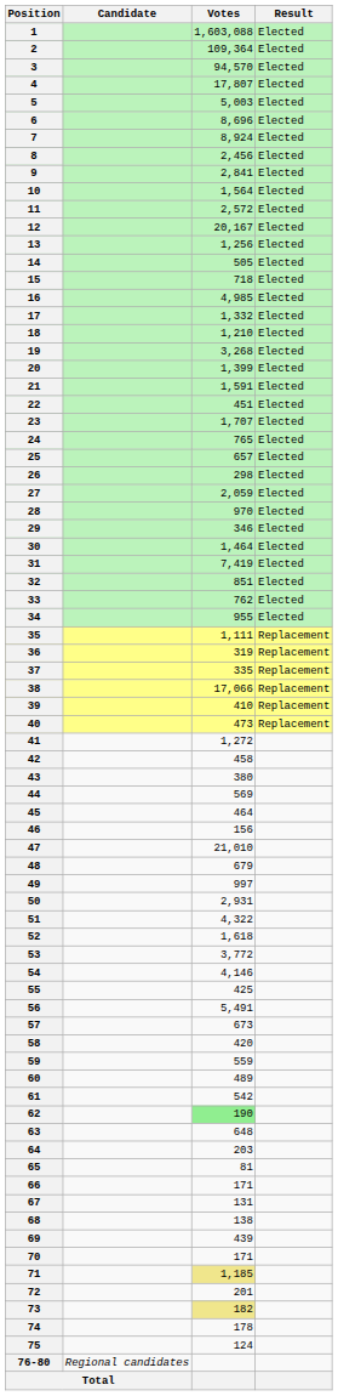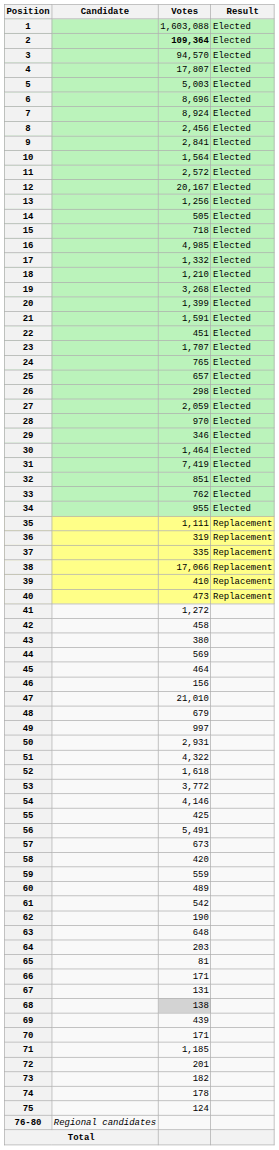 <table class="wikitable sortable">
 <tr>
 <th scope="col">Position</th>
 <th scope="col">Candidate</th>
 <th scope="col">Votes</th>
 <th scope="col">Result</th>
 </tr>
 <tr bgcolor=bbf3bb>
 <th scope="row">1</th>
 <td></td>
 <td style="text-align:right">1,603,088</td>
 <td>Elected</td>
 </tr>
 <tr bgcolor=bbf3bb>
 <th scope="row">2</th>
 <td></td>
-<td style="text-align:right">109,364</td>
+<td style="text-align:right"><strong>109,364</strong></td>
 <td>Elected</td>
 </tr>
 <tr bgcolor=bbf3bb>
 <th scope="row">3</th>
 <td></td>
 <td style="text-align:right">94,570</td>
 <td>Elected</td>
 </tr>
 <tr bgcolor=bbf3bb>
 <th scope="row">4</th>
 <td></td>
 <td style="text-align:right">17,807</td>
 <td>Elected</td>
 </tr>
 <tr bgcolor=bbf3bb>
 <th scope="row">5</th>
 <td></td>
 <td style="text-align:right">5,003</td>
 <td>Elected</td>
 </tr>
 <tr bgcolor=bbf3bb>
 <th scope="row">6</th>
 <td></td>
 <td style="text-align:right">8,696</td>
 <td>Elected</td>
 </tr>
 <tr bgcolor=bbf3bb>
 <th scope="row">7</th>
 <td></td>
 <td style="text-align:right">8,924</td>
 <td>Elected</td>
 </tr>
 <tr bgcolor=bbf3bb>
 <th scope="row">8</th>
 <td></td>
 <td style="text-align:right">2,456</td>
 <td>Elected</td>
 </tr>
 <tr bgcolor=bbf3bb>
 <th scope="row">9</th>
 <td></td>
 <td style="text-align:right">2,841</td>
 <td>Elected</td>
 </tr>
 <tr bgcolor=bbf3bb>
 <th scope="row">10</th>
 <td></td>
 <td style="text-align:right">1,564</td>
 <td>Elected</td>
 </tr>
 <tr bgcolor=bbf3bb>
 <th scope="row">11</th>
 <td></td>
 <td style="text-align:right">2,572</td>
 <td>Elected</td>
 </tr>
 <tr bgcolor=bbf3bb>
 <th scope="row">12</th>
 <td></td>
 <td style="text-align:right">20,167</td>
 <td>Elected</td>
 </tr>
 <tr bgcolor=bbf3bb>
 <th scope="row">13</th>
 <td></td>
 <td style="text-align:right">1,256</td>
 <td>Elected</td>
 </tr>
 <tr bgcolor=bbf3bb>
 <th scope="row">14</th>
 <td></td>
 <td style="text-align:right">505</td>
 <td>Elected</td>
 </tr>
 <tr bgcolor=bbf3bb>
 <th scope="row">15</th>
 <td></td>
 <td style="text-align:right">718</td>
 <td>Elected</td>
 </tr>
 <tr bgcolor=bbf3bb>
 <th scope="row">16</th>
 <td></td>
 <td style="text-align:right">4,985</td>
 <td>Elected</td>
 </tr>
 <tr bgcolor=bbf3bb>
 <th scope="row">17</th>
 <td></td>
 <td style="text-align:right">1,332</td>
 <td>Elected</td>
 </tr>
 <tr bgcolor=bbf3bb>
 <th scope="row">18</th>
 <td></td>
 <td style="text-align:right">1,210</td>
 <td>Elected</td>
 </tr>
 <tr bgcolor=bbf3bb>
 <th scope="row">19</th>
 <td></td>
 <td style="text-align:right">3,268</td>
 <td>Elected</td>
 </tr>
 <tr bgcolor=bbf3bb>
 <th scope="row">20</th>
 <td></td>
 <td style="text-align:right">1,399</td>
 <td>Elected</td>
 </tr>
 <tr bgcolor=bbf3bb>
 <th scope="row">21</th>
 <td></td>
 <td style="text-align:right">1,591</td>
 <td>Elected</td>
 </tr>
 <tr bgcolor=bbf3bb>
 <th scope="row">22</th>
 <td></td>
 <td style="text-align:right">451</td>
 <td>Elected</td>
 </tr>
 <tr bgcolor=bbf3bb>
 <th scope="row">23</th>
 <td></td>
 <td style="text-align:right">1,707</td>
 <td>Elected</td>
 </tr>
 <tr bgcolor=bbf3bb>
 <th scope="row">24</th>
 <td></td>
 <td style="text-align:right">765</td>
 <td>Elected</td>
 </tr>
 <tr bgcolor=bbf3bb>
 <th scope="row">25</th>
 <td></td>
 <td style="text-align:right">657</td>
 <td>Elected</td>
 </tr>
 <tr bgcolor=bbf3bb>
 <th scope="row">26</th>
 <td></td>
 <td style="text-align:right">298</td>
 <td>Elected</td>
 </tr>
 <tr bgcolor=bbf3bb>
 <th scope="row">27</th>
 <td></td>
 <td style="text-align:right">2,059</td>
 <td>Elected</td>
 </tr>
 <tr bgcolor=bbf3bb>
 <th scope="row">28</th>
 <td></td>
 <td style="text-align:right">970</td>
 <td>Elected</td>
 </tr>
 <tr bgcolor=bbf3bb>
 <th scope="row">29</th>
 <td></td>
 <td style="text-align:right">346</td>
 <td>Elected</td>
 </tr>
 <tr bgcolor=bbf3bb>
 <th scope="row">30</th>
 <td></td>
 <td style="text-align:right">1,464</td>
 <td>Elected</td>
 </tr>
 <tr bgcolor=bbf3bb>
 <th scope="row">31</th>
 <td></td>
 <td style="text-align:right">7,419</td>
 <td>Elected</td>
 </tr>
 <tr bgcolor=bbf3bb>
 <th scope="row">32</th>
 <td></td>
 <td style="text-align:right">851</td>
 <td>Elected</td>
 </tr>
 <tr bgcolor=bbf3bb>
 <th scope="row">33</th>
 <td></td>
 <td style="text-align:right">762</td>
 <td>Elected</td>
 </tr>
 <tr bgcolor=bbf3bb>
 <th scope="row">34</th>
 <td></td>
 <td style="text-align:right">955</td>
 <td>Elected</td>
 </tr>
 <tr bgcolor=#FF8>
 <th scope="row">35</th>
 <td></td>
 <td style="text-align:right">1,111</td>
 <td>Replacement</td>
 </tr>
 <tr bgcolor=#FF8>
 <th scope="row">36</th>
 <td></td>
 <td style="text-align:right">319</td>
 <td>Replacement</td>
 </tr>
 <tr bgcolor=#FF8>
 <th scope="row">37</th>
 <td></td>
 <td style="text-align:right">335</td>
 <td>Replacement</td>
 </tr>
 <tr bgcolor=#FF8>
 <th scope="row">38</th>
 <td></td>
 <td style="text-align:right">17,066</td>
 <td>Replacement</td>
 </tr>
 <tr bgcolor=#FF8>
 <th scope="row">39</th>
 <td></td>
 <td style="text-align:right">410</td>
 <td>Replacement</td>
 </tr>
 <tr bgcolor=#FF8>
 <th scope="row">40</th>
 <td></td>
 <td style="text-align:right">473</td>
 <td>Replacement</td>
 </tr>
 <tr>
 <th scope="row">41</th>
 <td></td>
 <td style="text-align:right">1,272</td>
 <td></td>
 </tr>
 <tr>
 <th scope="row">42</th>
 <td></td>
 <td style="text-align:right">458</td>
 <td></td>
 </tr>
 <tr>
 <th scope="row">43</th>
 <td></td>
 <td style="text-align:right">380</td>
 <td></td>
 </tr>
 <tr>
 <th scope="row">44</th>
 <td></td>
 <td style="text-align:right">569</td>
 <td></td>
 </tr>
 <tr>
 <th scope="row">45</th>
 <td></td>
 <td style="text-align:right">464</td>
 <td></td>
 </tr>
 <tr>
 <th scope="row">46</th>
 <td></td>
 <td style="text-align:right">156</td>
 <td></td>
 </tr>
 <tr>
 <th scope="row">47</th>
 <td></td>
 <td style="text-align:right">21,010</td>
 <td></td>
 </tr>
 <tr>
 <th scope="row">48</th>
 <td></td>
 <td style="text-align:right">679</td>
 <td></td>
 </tr>
 <tr>
 <th scope="row">49</th>
 <td></td>
 <td style="text-align:right">997</td>
 <td></td>
 </tr>
 <tr>
 <th scope="row">50</th>
 <td></td>
 <td style="text-align:right">2,931</td>
 <td></td>
 </tr>
 <tr>
 <th scope="row">51</th>
 <td></td>
 <td style="text-align:right">4,322</td>
 <td></td>
 </tr>
 <tr>
 <th scope="row">52</th>
 <td></td>
 <td style="text-align:right">1,618</td>
 <td></td>
 </tr>
 <tr>
 <th scope="row">53</th>
 <td></td>
 <td style="text-align:right">3,772</td>
 <td></td>
 </tr>
 <tr>
 <th scope="row">54</th>
 <td></td>
 <td style="text-align:right">4,146</td>
 <td></td>
 </tr>
 <tr>
 <th scope="row">55</th>
 <td></td>
 <td style="text-align:right">425</td>
 <td></td>
 </tr>
 <tr>
 <th scope="row">56</th>
 <td></td>
 <td style="text-align:right">5,491</td>
 <td></td>
 </tr>
 <tr>
 <th scope="row">57</th>
 <td></td>
 <td style="text-align:right">673</td>
 <td></td>
 </tr>
 <tr>
 <th scope="row">58</th>
 <td></td>
 <td style="text-align:right">420</td>
 <td></td>
 </tr>
 <tr>
 <th scope="row">59</th>
 <td></td>
 <td style="text-align:right">559</td>
 <td></td>
 </tr>
 <tr>
 <th scope="row">60</th>
 <td></td>
 <td style="text-align:right">489</td>
 <td></td>
 </tr>
 <tr>
 <th scope="row">61</th>
 <td></td>
 <td style="text-align:right">542</td>
 <td></td>
 </tr>
 <tr>
 <th scope="row">62</th>
 <td></td>
-<td style="background: lightgreen; text-align:right">190</td>
+<td style="text-align:right">190</td>
 <td></td>
 </tr>
 <tr>
 <th scope="row">63</th>
 <td></td>
 <td style="text-align:right">648</td>
 <td></td>
 </tr>
 <tr>
 <th scope="row">64</th>
 <td></td>
 <td style="text-align:right">203</td>
 <td></td>
 </tr>
 <tr>
 <th scope="row">65</th>
 <td></td>
 <td style="text-align:right">81</td>
 <td></td>
 </tr>
 <tr>
 <th scope="row">66</th>
 <td></td>
 <td style="text-align:right">171</td>
 <td></td>
 </tr>
 <tr>
 <th scope="row">67</th>
 <td></td>
 <td style="text-align:right">131</td>
 <td></td>
 </tr>
 <tr>
 <th scope="row">68</th>
 <td></td>
-<td style="text-align:right">138</td>
+<td style="background: lightgrey; text-align:right">138</td>
 <td></td>
 </tr>
 <tr>
 <th scope="row">69</th>
 <td></td>
 <td style="text-align:right">439</td>
 <td></td>
 </tr>
 <tr>
 <th scope="row">70</th>
 <td></td>
 <td style="text-align:right">171</td>
 <td></td>
 </tr>
 <tr>
 <th scope="row">71</th>
 <td></td>
-<td style="background: khaki; text-align:right">1,185</td>
+<td style="text-align:right">1,185</td>
 <td></td>
 </tr>
 <tr>
 <th scope="row">72</th>
 <td></td>
 <td style="text-align:right">201</td>
 <td></td>
 </tr>
 <tr>
 <th scope="row">73</th>
 <td></td>
-<td style="background: khaki; text-align:right">182</td>
+<td style="text-align:right">182</td>
 <td></td>
 </tr>
 <tr>
 <th scope="row">74</th>
 <td></td>
 <td style="text-align:right">178</td>
 <td></td>
 </tr>
 <tr>
 <th scope="row">75</th>
 <td></td>
 <td style="text-align:right">124</td>
 <td></td>
 </tr>
 <tr>
 <th scope="row">76-80</th>
 <td><em>Regional candidates</em></td>
 <td style="text-align:right"></td>
 <td></td>
 </tr>
 <tr class="sortbottom">
 <th scope="row" colspan="2">Total</th>
 <th style="text-align:right"></th>
 <th></th>
 </tr>
 </table>
